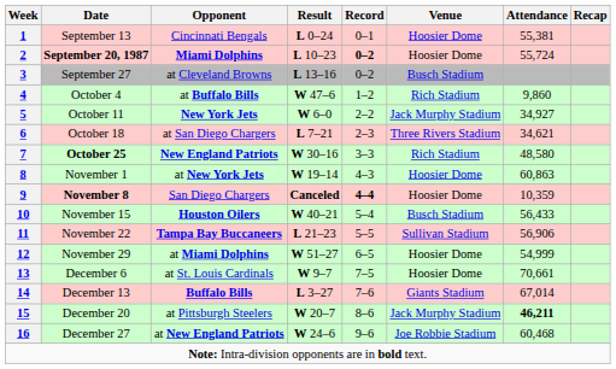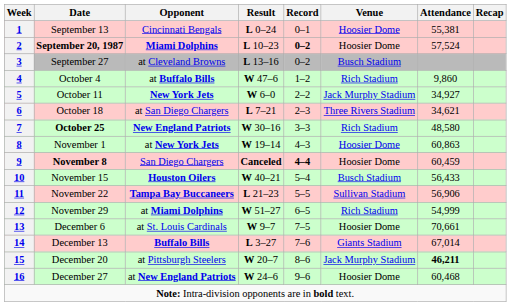 <table class="wikitable" style="text-align:center">
 <tr>
 <th>Week</th>
 <th>Date</th>
 <th>Opponent</th>
 <th>Result</th>
 <th>Record</th>
 <th>Venue</th>
 <th>Attendance</th>
 <th>Recap</th>
 </tr>
 <tr style="background:#fcc">
 <th><a href='#'>1</a></th>
 <td>September 13</td>
 <td><a href='#'>Cincinnati Bengals</a></td>
 <td><strong>L</strong> 0–24</td>
 <td>0–1</td>
 <td><a href='#'>Hoosier Dome</a></td>
 <td>55,381</td>
 <td></td>
 </tr>
 <tr style="background:#fcc">
 <th><a href='#'>2</a></th>
 <td><strong>September 20, 1987</strong></td>
 <td><strong><a href='#'>Miami Dolphins</a></strong></td>
 <td><strong>L</strong> 10–23</td>
 <td><strong>0–2</strong></td>
 <td>Hoosier Dome</td>
-<td>55,724</td>
+<td>57,524</td>
 <td></td>
 </tr>
 <tr style="background:#bababa">
 <th><a href='#'>3</a></th>
 <td>September 27</td>
 <td>at <a href='#'>Cleveland Browns</a></td>
 <td><strong>L</strong> 13–16</td>
 <td>0–2</td>
 <td><a href='#'>Busch Stadium</a></td>
 <td></td>
 <td></td>
 </tr>
 <tr style="background:#cfc">
 <th><a href='#'>4</a></th>
 <td>October 4</td>
 <td>at <strong><a href='#'>Buffalo Bills</a></strong></td>
 <td><strong>W</strong> 47–6</td>
 <td>1–2</td>
 <td><a href='#'>Rich Stadium</a></td>
 <td>9,860</td>
 <td></td>
 </tr>
 <tr style="background:#cfc">
 <th><a href='#'>5</a></th>
 <td>October 11</td>
 <td><strong><a href='#'>New York Jets</a></strong></td>
 <td><strong>W</strong> 6–0</td>
 <td>2–2</td>
 <td><a href='#'>Jack Murphy Stadium</a></td>
 <td>34,927</td>
 <td></td>
 </tr>
 <tr style="background:#fcc">
 <th><a href='#'>6</a></th>
 <td>October 18</td>
 <td>at <a href='#'>San Diego Chargers</a></td>
 <td><strong>L</strong> 7–21</td>
 <td>2–3</td>
 <td><a href='#'>Three Rivers Stadium</a></td>
 <td>34,621</td>
 <td></td>
 </tr>
 <tr style="background:#cfc">
 <th><a href='#'>7</a></th>
 <td><strong>October 25</strong></td>
 <td><strong><a href='#'>New England Patriots</a></strong></td>
 <td><strong>W</strong> 30–16</td>
 <td>3–3</td>
 <td><a href='#'>Rich Stadium</a></td>
 <td>48,580</td>
 <td></td>
 </tr>
 <tr style="background:#cfc">
 <th><a href='#'>8</a></th>
 <td>November 1</td>
 <td>at <strong><a href='#'>New York Jets</a></strong></td>
 <td><strong>W</strong> 19–14</td>
 <td>4–3</td>
 <td><a href='#'>Hoosier Dome</a></td>
 <td>60,863</td>
 <td></td>
 </tr>
 <tr style="background:#fcc">
 <th><a href='#'>9</a></th>
 <td><strong>November 8</strong></td>
 <td><a href='#'>San Diego Chargers</a></td>
 <td><strong>Canceled</strong> </td>
 <td><strong>4–4</strong></td>
 <td>Hoosier Dome</td>
-<td>10,359</td>
+<td>60,459</td>
 <td></td>
 </tr>
 <tr style="background:#cfc">
 <th><a href='#'>10</a></th>
 <td>November 15</td>
 <td><strong><a href='#'>Houston Oilers</a></strong></td>
 <td><strong>W</strong> 40–21</td>
 <td>5–4</td>
 <td><a href='#'>Busch Stadium</a></td>
 <td>56,433</td>
 <td></td>
 </tr>
 <tr style="background:#fcc">
 <th><a href='#'>11</a></th>
 <td>November 22</td>
 <td><strong><a href='#'>Tampa Bay Buccaneers</a></strong></td>
 <td><strong>L</strong> 21–23</td>
 <td>5–5</td>
 <td><a href='#'>Sullivan Stadium</a></td>
 <td>56,906</td>
 <td></td>
 </tr>
 <tr style="background:#cfc">
 <th><a href='#'>12</a></th>
 <td>November 29</td>
 <td>at <strong><a href='#'>Miami Dolphins</a></strong></td>
 <td><strong>W</strong> 51–27</td>
 <td>6–5</td>
-<td>Hoosier Dome</td>
+<td><a href='#'>Rich Stadium</a></td>
 <td>54,999</td>
 <td></td>
 </tr>
 <tr style="background:#cfc">
 <th><a href='#'>13</a></th>
 <td>December 6</td>
 <td>at <a href='#'>St. Louis Cardinals</a></td>
 <td><strong>W</strong> 9–7</td>
 <td>7–5</td>
 <td>Hoosier Dome</td>
 <td>70,661</td>
 <td></td>
 </tr>
 <tr style="background:#fcc">
 <th><a href='#'>14</a></th>
 <td>December 13</td>
 <td><strong><a href='#'>Buffalo Bills</a></strong></td>
 <td><strong>L</strong> 3–27</td>
 <td>7–6</td>
 <td><a href='#'>Giants Stadium</a></td>
 <td>67,014</td>
 <td></td>
 </tr>
 <tr style="background:#cfc">
 <th><a href='#'>15</a></th>
 <td>December 20</td>
 <td>at <a href='#'>Pittsburgh Steelers</a></td>
 <td><strong>W</strong> 20–7</td>
 <td>8–6</td>
 <td><a href='#'>Jack Murphy Stadium</a></td>
 <td><strong>46,211</strong></td>
 <td></td>
 </tr>
 <tr style="background:#cfc">
 <th><a href='#'>16</a></th>
 <td>December 27</td>
 <td>at <strong><a href='#'>New England Patriots</a></strong></td>
 <td><strong>W</strong> 24–6</td>
 <td>9–6</td>
-<td><a href='#'>Joe Robbie Stadium</a></td>
+<td>Hoosier Dome</td>
 <td>60,468</td>
 <td></td>
 </tr>
 <tr>
 <td colspan="10"><strong>Note:</strong> Intra-division opponents are in <strong>bold</strong> text.</td>
 </tr>
 </table>
